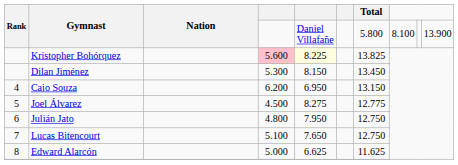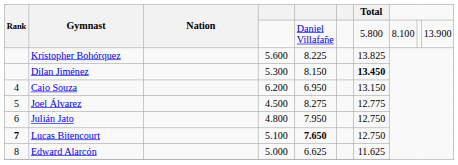 <table style="text-align:center;" class="wikitable sortable">
 <tr>
 <th rowspan="2" scope="col" style="width:15px;"><small>Rank</small></th>
 <th rowspan="2" scope="col" style="width:175px;">Gymnast</th>
 <th rowspan="2" scope="col" style="width:175px;">Nation</th>
 <th scope="col" style="width:50px;"><small></small></th>
 <th scope="col" style="width:50px;"><small></small></th>
 <th scope="col" style="width:20px;"><small></small></th>
 <th scope="col" style="width:50px;">Total</th>
 </tr>
 <tr>
 <td></td>
 <td align=left><a href='#'>Daniel Villafañe</a></td>
 <td align=left></td>
 <td>5.800</td>
 <td>8.100</td>
 <td></td>
 <td>13.900</td>
 </tr>
 <tr>
 <td></td>
 <td align=left><a href='#'>Kristopher Bohórquez</a></td>
 <td align=left></td>
-<td style="background: pink;">5.600</td>
-<td style="background: lightyellow;">8.225</td>
+<td>5.600</td>
+<td>8.225</td>
 <td></td>
 <td>13.825</td>
 </tr>
 <tr>
 <td></td>
 <td align=left><a href='#'>Dilan Jiménez</a></td>
 <td align=left></td>
 <td>5.300</td>
 <td>8.150</td>
 <td></td>
-<td>13.450</td>
+<td><strong>13.450</strong></td>
 </tr>
 <tr>
 <td>4</td>
 <td align=left><a href='#'>Caio Souza</a></td>
 <td align=left></td>
 <td>6.200</td>
 <td>6.950</td>
 <td></td>
 <td>13.150</td>
 </tr>
 <tr>
 <td>5</td>
 <td align=left><a href='#'>Joel Álvarez</a></td>
 <td align=left></td>
 <td>4.500</td>
 <td>8.275</td>
 <td></td>
 <td>12.775</td>
 </tr>
 <tr>
 <td>6</td>
 <td align=left><a href='#'>Julián Jato</a></td>
 <td align=left></td>
 <td>4.800</td>
 <td>7.950</td>
 <td></td>
 <td>12.750</td>
 </tr>
 <tr>
-<td>7</td>
+<td><strong>7</strong></td>
 <td align=left><a href='#'>Lucas Bitencourt</a></td>
 <td align=left></td>
 <td>5.100</td>
-<td>7.650</td>
+<td><strong>7.650</strong></td>
 <td></td>
 <td>12.750</td>
 </tr>
 <tr>
 <td>8</td>
 <td align=left><a href='#'>Edward Alarcón</a></td>
 <td align=left></td>
 <td>5.000</td>
 <td>6.625</td>
 <td></td>
 <td>11.625</td>
 </tr>
 <tr>
 </tr>
 </table>
